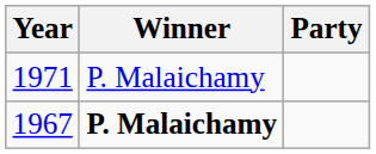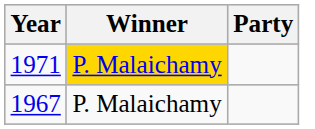 <table class="wikitable sortable">
 <tr>
 <th>Year</th>
 <th>Winner</th>
 <th colspan="2">Party</th>
 </tr>
 <tr>
 <td><a href='#'>1971</a></td>
-<td><a href='#'>P. Malaichamy</a></td>
+<td style="background: gold;"><a href='#'>P. Malaichamy</a></td>
 <td></td>
 </tr>
 <tr>
 <td><a href='#'>1967</a></td>
-<td><strong>P. Malaichamy</strong></td>
+<td>P. Malaichamy</td>
 <td></td>
 </tr>
 </table>
